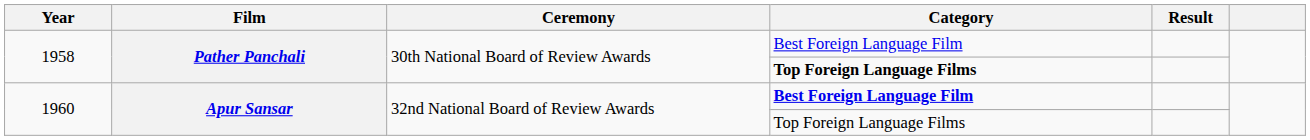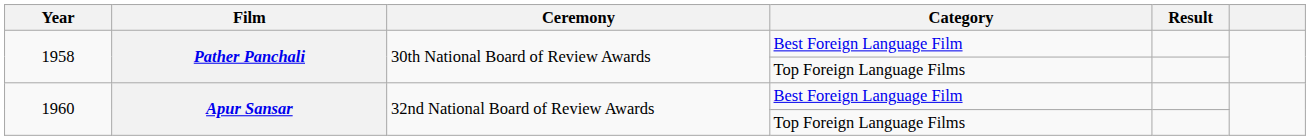 <table class="wikitable plainrowheaders sortable" style="width:100%">
 <tr>
 <th scope="col" style="width:7%">Year</th>
 <th scope="col" style="width:18%">Film</th>
 <th scope="col" style="width:25%">Ceremony</th>
 <th scope="col" style="width:25%">Category</th>
 <th scope="col" style="width:5%">Result</th>
 <th scope="col" style="width:5%" class="unsortable"></th>
 </tr>
 <tr>
 <td style="text-align:center;" rowspan="2">1958</td>
 <th scope="row" rowspan="2"><em><a href='#'>Pather Panchali</a></em></th>
 <td rowspan="2">30th National Board of Review Awards</td>
 <td><a href='#'>Best Foreign Language Film</a></td>
 <td></td>
 <td style="text-align:center;" rowspan="2"></td>
 </tr>
 <tr>
-<td><strong>Top Foreign Language Films</strong></td>
+<td>Top Foreign Language Films</td>
 <td></td>
 </tr>
 <tr>
 <td style="text-align:center;" rowspan="2">1960</td>
 <th scope="row" rowspan="2"><em><a href='#'>Apur Sansar</a></em></th>
 <td rowspan="2">32nd National Board of Review Awards</td>
-<td><strong><a href='#'>Best Foreign Language Film</a></strong></td>
+<td><a href='#'>Best Foreign Language Film</a></td>
 <td></td>
 <td style="text-align:center;" rowspan="2"></td>
 </tr>
 <tr>
 <td>Top Foreign Language Films</td>
 <td></td>
 </tr>
 </table>
